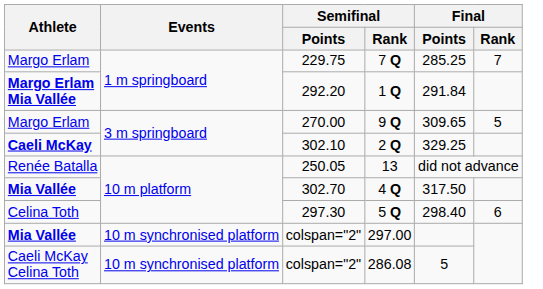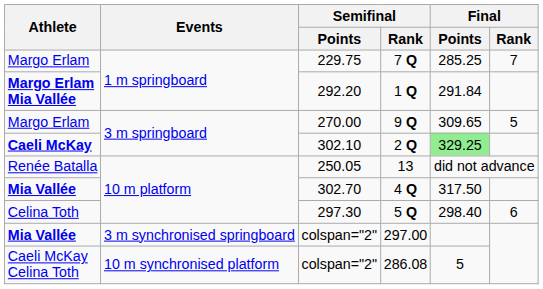 <table class=wikitable style="font-size:90%">
 <tr>
 <th rowspan="2">Athlete</th>
 <th rowspan="2">Events</th>
 <th colspan="2">Semifinal</th>
 <th colspan="2">Final</th>
 </tr>
 <tr>
 <th>Points</th>
 <th>Rank</th>
 <th>Points</th>
 <th>Rank</th>
 </tr>
 <tr align=center>
 <td align=left><a href='#'>Margo Erlam</a></td>
 <td align=left rowspan=2><a href='#'>1 m springboard</a></td>
 <td>229.75</td>
 <td>7 <strong>Q</strong></td>
 <td>285.25</td>
 <td>7</td>
 </tr>
 <tr align=center>
 <td align=left><strong><a href='#'>Margo Erlam</a><br><a href='#'>Mia Vallée</a></strong></td>
 <td>292.20</td>
 <td>1 <strong>Q</strong></td>
 <td>291.84</td>
 <td></td>
 </tr>
 <tr align=center>
 <td align=left><a href='#'>Margo Erlam</a></td>
 <td align=left rowspan=2><a href='#'>3 m springboard</a></td>
 <td>270.00</td>
 <td>9 <strong>Q</strong></td>
 <td>309.65</td>
 <td>5</td>
 </tr>
 <tr align=center>
 <td align=left><strong><a href='#'>Caeli McKay</a></strong></td>
 <td>302.10</td>
 <td>2 <strong>Q</strong></td>
-<td>329.25</td>
+<td style="background: lightgreen;">329.25</td>
 <td></td>
 </tr>
 <tr align=center>
 <td align=left><a href='#'>Renée Batalla</a></td>
 <td align=left rowspan=3><a href='#'>10 m platform</a></td>
 <td>250.05</td>
 <td>13</td>
 <td colspan=2>did not advance</td>
 </tr>
 <tr align=center>
 <td align=left><strong><a href='#'>Mia Vallée</a></strong></td>
 <td>302.70</td>
 <td>4 <strong>Q</strong></td>
 <td>317.50</td>
 <td></td>
 </tr>
 <tr align=center>
 <td align=left><a href='#'>Celina Toth</a></td>
 <td>297.30</td>
 <td>5 <strong>Q</strong></td>
 <td>298.40</td>
 <td>6</td>
 </tr>
 <tr align=center>
 <td align=left><strong><a href='#'>Mia Vallée</a></strong></td>
-<td align=left><a href='#'>10 m synchronised platform</a></td>
+<td align=left><a href='#'>3 m synchronised springboard</a></td>
 <td>colspan="2" </td>
 <td>297.00</td>
 <td></td>
 </tr>
 <tr align=center>
 <td align=left><a href='#'>Caeli McKay</a><br><a href='#'>Celina Toth</a></td>
 <td align=left><a href='#'>10 m synchronised platform</a></td>
 <td>colspan="2" </td>
 <td>286.08</td>
 <td>5</td>
 </tr>
 </table>
